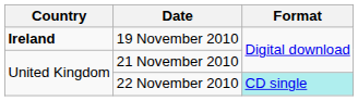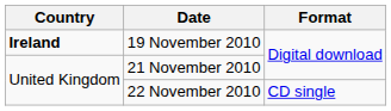 <table class="wikitable">
 <tr>
 <th>Country</th>
 <th>Date</th>
 <th>Format</th>
 </tr>
 <tr>
 <td><strong>Ireland</strong></td>
 <td>19 November 2010</td>
 <td rowspan=2><a href='#'>Digital download</a></td>
 </tr>
 <tr>
 <td rowspan="2">United Kingdom</td>
 <td>21 November 2010</td>
 </tr>
 <tr>
 <td>22 November 2010</td>
-<td style="background: paleturquoise;"><a href='#'>CD single</a></td>
+<td><a href='#'>CD single</a></td>
 </tr>
 </table>
